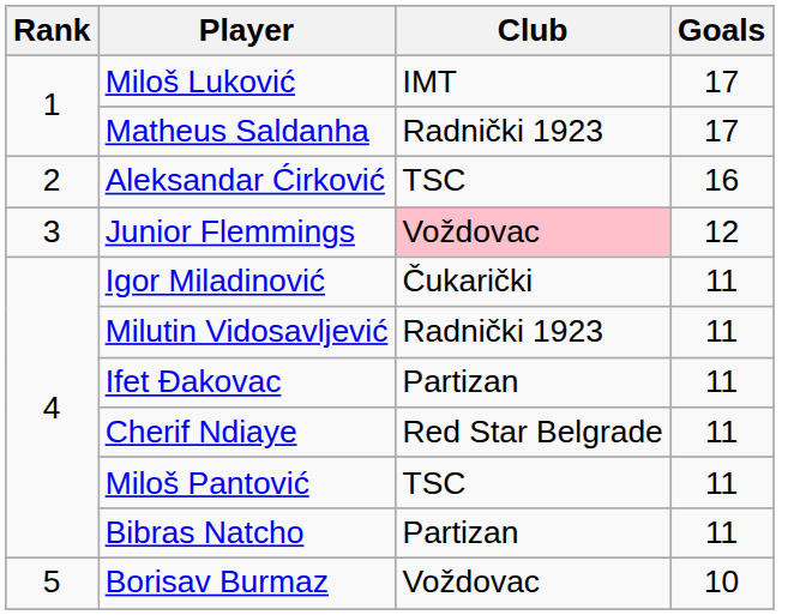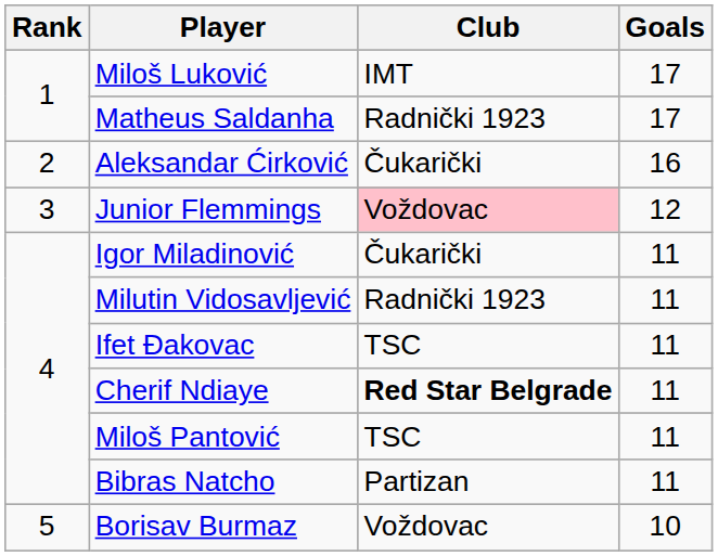 <table class="wikitable">
 <tr>
 <th>Rank</th>
 <th>Player</th>
 <th>Club</th>
 <th align=center>Goals</th>
 </tr>
 <tr>
 <td style="text-align:center"rowspan=2>1</td>
 <td> <a href='#'>Miloš Luković</a></td>
 <td>IMT</td>
 <td style="text-align:center">17</td>
 </tr>
 <tr>
 <td> <a href='#'>Matheus Saldanha</a></td>
 <td>Radnički 1923</td>
 <td style="text-align:center">17</td>
 </tr>
 <tr>
 <td style="text-align:center">2</td>
 <td> <a href='#'>Aleksandar Ćirković</a></td>
-<td>TSC</td>
+<td>Čukarički</td>
 <td style="text-align:center">16</td>
 </tr>
 <tr>
 <td style="text-align:center">3</td>
 <td> <a href='#'>Junior Flemmings</a></td>
 <td style="background: pink;">Voždovac</td>
 <td style="text-align:center">12</td>
 </tr>
 <tr>
 <td style="text-align:center"rowspan=6>4</td>
 <td> <a href='#'>Igor Miladinović</a></td>
 <td>Čukarički</td>
 <td style="text-align:center">11</td>
 </tr>
 <tr>
 <td> <a href='#'>Milutin Vidosavljević</a></td>
 <td>Radnički 1923</td>
 <td style="text-align:center">11</td>
 </tr>
 <tr>
 <td> <a href='#'>Ifet Đakovac</a></td>
-<td>Partizan</td>
+<td>TSC</td>
 <td style="text-align:center">11</td>
 </tr>
 <tr>
 <td> <a href='#'>Cherif Ndiaye</a></td>
-<td>Red Star Belgrade</td>
+<td><strong>Red Star Belgrade</strong></td>
 <td style="text-align:center">11</td>
 </tr>
 <tr>
 <td> <a href='#'>Miloš Pantović</a></td>
 <td>TSC</td>
 <td style="text-align:center">11</td>
 </tr>
 <tr>
 <td> <a href='#'>Bibras Natcho</a></td>
 <td>Partizan</td>
 <td style="text-align:center">11</td>
 </tr>
 <tr>
 <td style="text-align:center">5</td>
 <td> <a href='#'>Borisav Burmaz</a></td>
 <td>Voždovac</td>
 <td style="text-align:center">10</td>
 </tr>
 </table>
